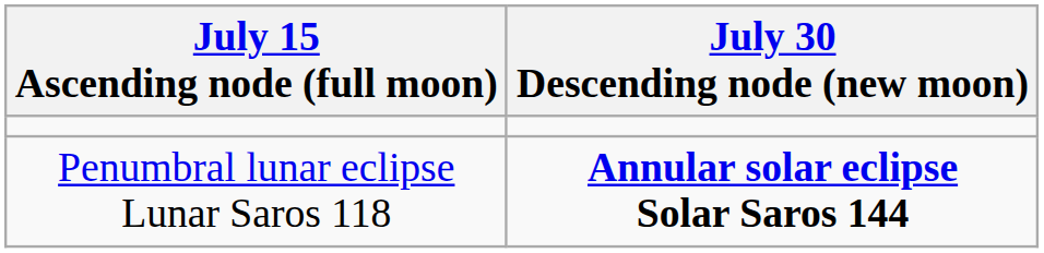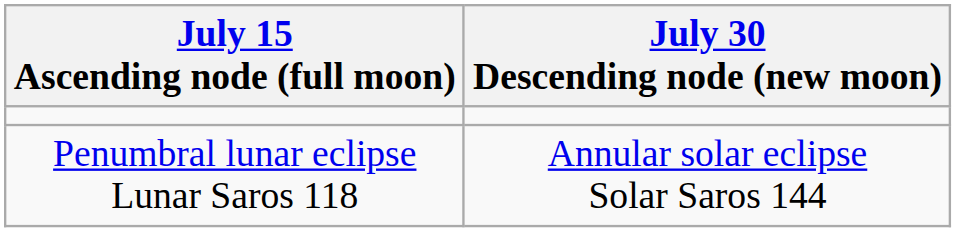 <table class="wikitable">
 <tr>
 <th><a href='#'>July 15</a><br>Ascending node (full moon)</th>
 <th><a href='#'>July 30</a><br>Descending node (new moon)</th>
 </tr>
 <tr>
 <td></td>
 <td></td>
 </tr>
 <tr align=center>
 <td><a href='#'>Penumbral lunar eclipse</a><br>Lunar Saros 118</td>
-<td><strong><a href='#'>Annular solar eclipse</a><br>Solar Saros 144</strong></td>
+<td><a href='#'>Annular solar eclipse</a><br>Solar Saros 144</td>
 </tr>
 </table>
